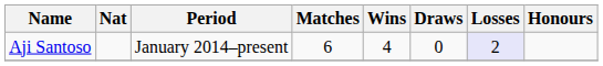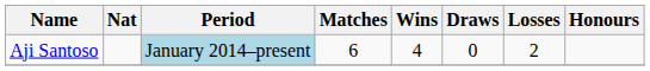 <table class="wikitable">
 <tr>
 <th>Name</th>
 <th>Nat</th>
 <th>Period</th>
 <th>Matches</th>
 <th>Wins</th>
 <th>Draws</th>
 <th>Losses</th>
 <th>Honours</th>
 </tr>
 <tr>
 <td><a href='#'>Aji Santoso</a></td>
 <td align="center"></td>
-<td align="center">January 2014–present</td>
+<td align="center" style="background: lightblue;">January 2014–present</td>
 <td align="center">6</td>
 <td align="center">4</td>
 <td align="center">0</td>
-<td align="center" style="background: lavender;">2</td>
+<td align="center">2</td>
 <td></td>
 </tr>
 <tr>
 </tr>
 </table>
